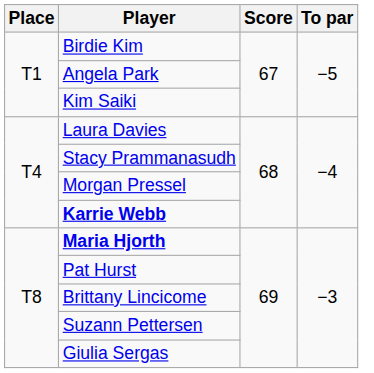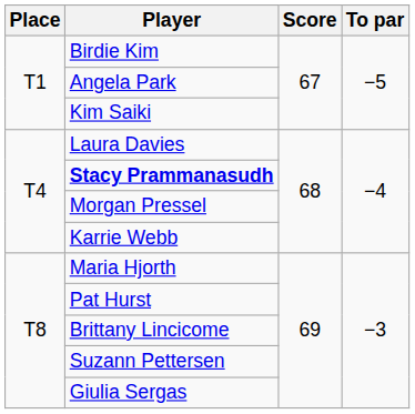 <table class="wikitable">
 <tr>
 <th>Place</th>
 <th>Player</th>
 <th>Score</th>
 <th>To par</th>
 </tr>
 <tr>
 <td rowspan="3" align=center>T1</td>
 <td> <a href='#'>Birdie Kim</a></td>
 <td rowspan="3" align=center>67</td>
 <td rowspan="3" align=center>−5</td>
 </tr>
 <tr>
 <td> <a href='#'>Angela Park</a></td>
 </tr>
 <tr>
 <td> <a href='#'>Kim Saiki</a></td>
 </tr>
 <tr>
 <td rowspan="4" align=center>T4</td>
 <td> <a href='#'>Laura Davies</a></td>
 <td rowspan="4" align=center>68</td>
 <td rowspan="4" align=center>−4</td>
 </tr>
 <tr>
-<td> <a href='#'>Stacy Prammanasudh</a></td>
+<td><strong> <a href='#'>Stacy Prammanasudh</a></strong></td>
 </tr>
 <tr>
 <td> <a href='#'>Morgan Pressel</a></td>
 </tr>
 <tr>
-<td><strong> <a href='#'>Karrie Webb</a></strong></td>
+<td> <a href='#'>Karrie Webb</a></td>
 </tr>
 <tr>
 <td rowspan="5" align=center>T8</td>
-<td><strong> <a href='#'>Maria Hjorth</a></strong></td>
+<td> <a href='#'>Maria Hjorth</a></td>
 <td rowspan="5" align=center>69</td>
 <td rowspan="5" align=center>−3</td>
 </tr>
 <tr>
 <td> <a href='#'>Pat Hurst</a></td>
 </tr>
 <tr>
 <td> <a href='#'>Brittany Lincicome</a></td>
 </tr>
 <tr>
 <td> <a href='#'>Suzann Pettersen</a></td>
 </tr>
 <tr>
 <td> <a href='#'>Giulia Sergas</a></td>
 </tr>
 </table>
